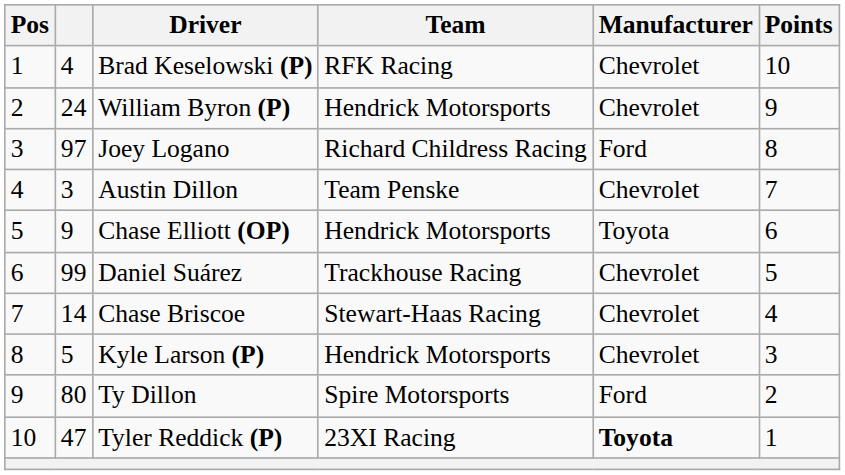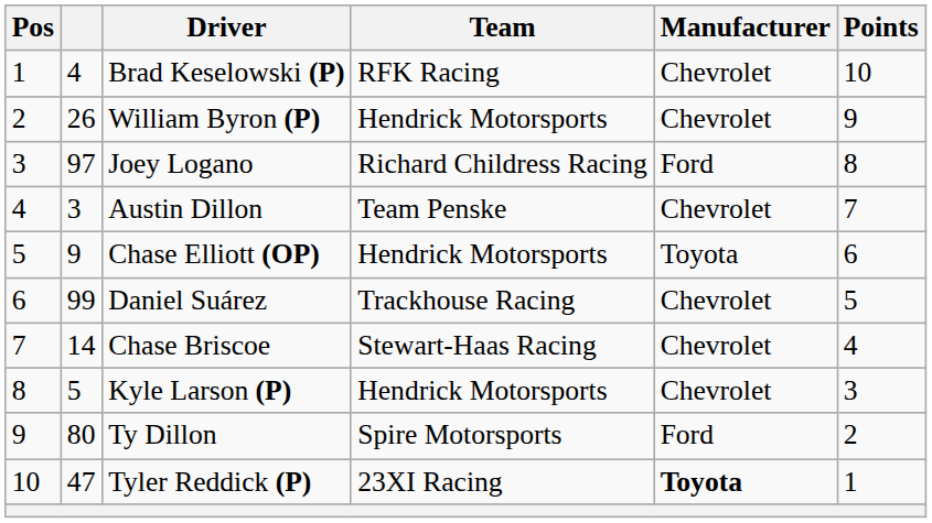 <table class="wikitable" style="font-size:98%">
 <tr>
 <th>Pos</th>
 <th></th>
 <th>Driver</th>
 <th>Team</th>
 <th>Manufacturer</th>
 <th>Points</th>
 </tr>
 <tr>
 <td>1</td>
 <td>4</td>
 <td>Brad Keselowski <strong>(P)</strong></td>
 <td>RFK Racing</td>
 <td>Chevrolet</td>
 <td>10</td>
 </tr>
 <tr>
 <td>2</td>
-<td>24</td>
+<td>26</td>
 <td>William Byron <strong>(P)</strong></td>
 <td>Hendrick Motorsports</td>
 <td>Chevrolet</td>
 <td>9</td>
 </tr>
 <tr>
 <td>3</td>
 <td>97</td>
 <td>Joey Logano</td>
 <td>Richard Childress Racing</td>
 <td>Ford</td>
 <td>8</td>
 </tr>
 <tr>
 <td>4</td>
 <td>3</td>
 <td>Austin Dillon</td>
 <td>Team Penske</td>
 <td>Chevrolet</td>
 <td>7</td>
 </tr>
 <tr>
 <td>5</td>
 <td>9</td>
 <td>Chase Elliott <strong>(OP)</strong></td>
 <td>Hendrick Motorsports</td>
 <td>Toyota</td>
 <td>6</td>
 </tr>
 <tr>
 <td>6</td>
 <td>99</td>
 <td>Daniel Suárez</td>
 <td>Trackhouse Racing</td>
 <td>Chevrolet</td>
 <td>5</td>
 </tr>
 <tr>
 <td>7</td>
 <td>14</td>
 <td>Chase Briscoe</td>
 <td>Stewart-Haas Racing</td>
 <td>Chevrolet</td>
 <td>4</td>
 </tr>
 <tr>
 <td>8</td>
 <td>5</td>
 <td>Kyle Larson <strong>(P)</strong></td>
 <td>Hendrick Motorsports</td>
 <td>Chevrolet</td>
 <td>3</td>
 </tr>
 <tr>
 <td>9</td>
 <td>80</td>
 <td>Ty Dillon</td>
 <td>Spire Motorsports</td>
 <td>Ford</td>
 <td>2</td>
 </tr>
 <tr>
 <td>10</td>
 <td>47</td>
 <td>Tyler Reddick <strong>(P)</strong></td>
 <td>23XI Racing</td>
 <td><strong>Toyota</strong></td>
 <td>1</td>
 </tr>
 <tr>
 <th colspan="6"></th>
 </tr>
 </table>
